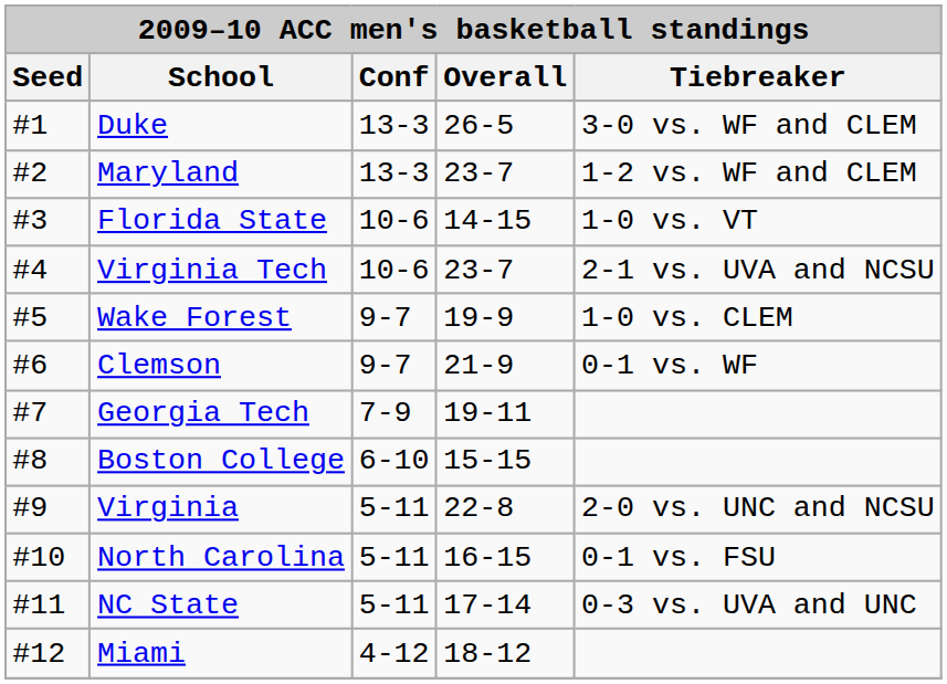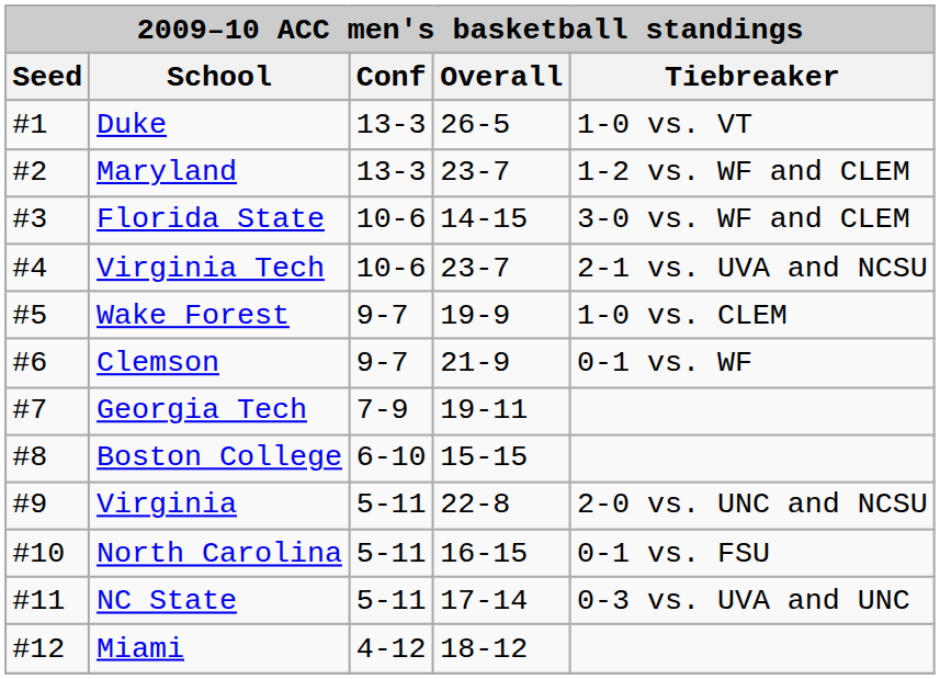 <table class="wikitable">
 <tr>
 <td colspan="6" style="text-align:center; background:#CCCCCC; font:#000000"><strong>2009–10 ACC men's basketball standings</strong></td>
 </tr>
 <tr bgcolor="#efefef">
 <th>Seed</th>
 <th>School</th>
 <th>Conf</th>
 <th>Overall</th>
 <th>Tiebreaker</th>
 </tr>
 <tr>
 <td>#1</td>
 <td><a href='#'>Duke</a></td>
 <td>13-3</td>
 <td>26-5</td>
-<td>3-0 vs. WF and CLEM</td>
+<td>1-0 vs. VT</td>
 </tr>
 <tr>
 <td>#2</td>
 <td><a href='#'>Maryland</a></td>
 <td>13-3</td>
 <td>23-7</td>
 <td>1-2 vs. WF and CLEM</td>
 </tr>
 <tr>
 <td>#3</td>
 <td><a href='#'>Florida State</a></td>
 <td>10-6</td>
 <td>14-15</td>
-<td>1-0 vs. VT</td>
+<td>3-0 vs. WF and CLEM</td>
 </tr>
 <tr>
 <td>#4</td>
 <td><a href='#'>Virginia Tech</a></td>
 <td>10-6</td>
 <td>23-7</td>
 <td>2-1 vs. UVA and NCSU</td>
 </tr>
 <tr>
 <td>#5</td>
 <td><a href='#'>Wake Forest</a></td>
 <td>9-7</td>
 <td>19-9</td>
 <td>1-0 vs. CLEM</td>
 </tr>
 <tr>
 <td>#6</td>
 <td><a href='#'>Clemson</a></td>
 <td>9-7</td>
 <td>21-9</td>
 <td>0-1 vs. WF</td>
 </tr>
 <tr>
 <td>#7</td>
 <td><a href='#'>Georgia Tech</a></td>
 <td>7-9</td>
 <td>19-11</td>
 <td></td>
 </tr>
 <tr>
 <td>#8</td>
 <td><a href='#'>Boston College</a></td>
 <td>6-10</td>
 <td>15-15</td>
 <td></td>
 </tr>
 <tr>
 <td>#9</td>
 <td><a href='#'>Virginia</a></td>
 <td>5-11</td>
 <td>22-8</td>
 <td>2-0 vs. UNC and NCSU</td>
 </tr>
 <tr>
 <td>#10</td>
 <td><a href='#'>North Carolina</a></td>
 <td>5-11</td>
 <td>16-15</td>
 <td>0-1 vs. FSU</td>
 </tr>
 <tr>
 <td>#11</td>
 <td><a href='#'>NC State</a></td>
 <td>5-11</td>
 <td>17-14</td>
 <td>0-3 vs. UVA and UNC</td>
 </tr>
 <tr>
 <td>#12</td>
 <td><a href='#'>Miami</a></td>
 <td>4-12</td>
 <td>18-12</td>
 <td></td>
 </tr>
 <tr>
 </tr>
 </table>
